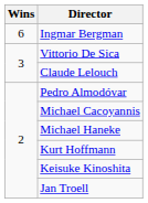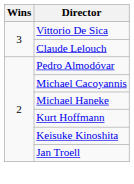 <table class="wikitable sortable">
 <tr>
 <th>Wins</th>
 <th>Director</th>
-</tr>
-<tr>
-<td rowspan="1" style="text-align:center">6</td>
-<td> <a href='#'>Ingmar Bergman</a></td>
 </tr>
 <tr>
 <td rowspan="2" style="text-align:center">3</td>
 <td> <a href='#'>Vittorio De Sica</a></td>
 </tr>
 <tr>
 <td> <a href='#'>Claude Lelouch</a></td>
 </tr>
 <tr>
 <td rowspan="6" style="text-align:center">2</td>
 <td> <a href='#'>Pedro Almodóvar</a></td>
 </tr>
 <tr>
 <td> <a href='#'>Michael Cacoyannis</a></td>
 </tr>
 <tr>
 <td> <a href='#'>Michael Haneke</a></td>
 </tr>
 <tr>
 <td> <a href='#'>Kurt Hoffmann</a></td>
 </tr>
 <tr>
 <td> <a href='#'>Keisuke Kinoshita</a></td>
 </tr>
 <tr>
 <td> <a href='#'>Jan Troell</a></td>
 </tr>
 </table>
